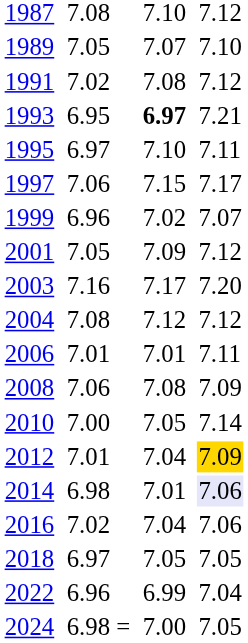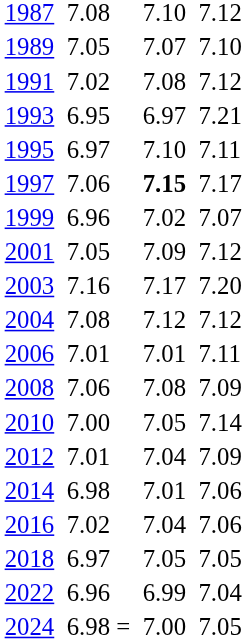 <table>
 <tr valign="top">
 <td><a href='#'>1987</a><br></td>
 <td></td>
 <td>7.08</td>
 <td></td>
 <td>7.10</td>
 <td></td>
 <td>7.12 </td>
 </tr>
 <tr valign="top">
 <td><a href='#'>1989</a><br></td>
 <td></td>
 <td>7.05 </td>
 <td></td>
 <td>7.07 </td>
 <td></td>
 <td>7.10 </td>
 </tr>
 <tr valign="top">
 <td><a href='#'>1991</a><br></td>
 <td></td>
 <td>7.02 </td>
 <td></td>
 <td>7.08</td>
 <td></td>
 <td>7.12 </td>
 </tr>
 <tr valign="top">
 <td><a href='#'>1993</a><br></td>
 <td></td>
 <td>6.95 </td>
 <td></td>
-<td><strong>6.97</strong></td>
+<td>6.97</td>
 <td></td>
 <td>7.21</td>
 </tr>
 <tr valign="top">
 <td><a href='#'>1995</a><br></td>
 <td></td>
 <td>6.97</td>
 <td></td>
 <td>7.10 </td>
 <td></td>
 <td>7.11</td>
 </tr>
 <tr valign="top">
 <td><a href='#'>1997</a><br></td>
 <td></td>
 <td>7.06</td>
 <td></td>
-<td>7.15</td>
+<td><strong>7.15</strong></td>
 <td></td>
 <td>7.17</td>
 </tr>
 <tr valign="top">
 <td><a href='#'>1999</a><br></td>
 <td></td>
 <td>6.96 </td>
 <td></td>
 <td>7.02</td>
 <td></td>
 <td>7.07</td>
 </tr>
 <tr valign="top">
 <td><a href='#'>2001</a><br></td>
 <td></td>
 <td>7.05 </td>
 <td></td>
 <td>7.09 </td>
 <td></td>
 <td>7.12 </td>
 </tr>
 <tr valign="top">
 <td><a href='#'>2003</a><br></td>
 <td></td>
 <td>7.16 </td>
 <td></td>
 <td>7.17 </td>
 <td></td>
 <td>7.20</td>
 </tr>
 <tr valign="top">
 <td><a href='#'>2004</a><br></td>
 <td></td>
 <td>7.08 </td>
 <td></td>
 <td>7.12 </td>
 <td></td>
 <td>7.12</td>
 </tr>
 <tr valign="top">
 <td><a href='#'>2006</a><br></td>
 <td></td>
 <td>7.01 </td>
 <td></td>
 <td>7.01 </td>
 <td></td>
 <td>7.11 </td>
 </tr>
 <tr valign="top">
 <td><a href='#'>2008</a><br></td>
 <td></td>
 <td>7.06 </td>
 <td></td>
 <td>7.08 </td>
 <td></td>
 <td>7.09 </td>
 </tr>
 <tr valign="top">
 <td><a href='#'>2010</a><br></td>
 <td></td>
 <td>7.00 </td>
 <td></td>
 <td>7.05</td>
 <td></td>
 <td>7.14</td>
 </tr>
 <tr valign="top">
 <td><a href='#'>2012</a><br></td>
 <td></td>
 <td>7.01 </td>
 <td></td>
 <td>7.04 </td>
 <td></td>
-<td style="background: gold;">7.09</td>
+<td>7.09</td>
 </tr>
 <tr valign="top">
 <td><a href='#'>2014</a><br></td>
 <td></td>
 <td>6.98 </td>
 <td></td>
 <td>7.01 </td>
 <td></td>
-<td style="background: lavender;">7.06 </td>
+<td>7.06 </td>
 </tr>
 <tr valign="top">
 <td><a href='#'>2016</a><br></td>
 <td></td>
 <td>7.02</td>
 <td></td>
 <td>7.04</td>
 <td></td>
 <td>7.06</td>
 </tr>
 <tr valign="top">
 <td><a href='#'>2018</a><br></td>
 <td></td>
 <td>6.97 </td>
 <td></td>
 <td>7.05 </td>
 <td></td>
 <td>7.05</td>
 </tr>
 <tr valign="top">
 <td><a href='#'>2022</a><br></td>
 <td></td>
 <td>6.96 </td>
 <td></td>
 <td>6.99 </td>
 <td></td>
 <td>7.04 </td>
 </tr>
 <tr valign="top">
 <td><a href='#'>2024</a><br></td>
 <td></td>
 <td>6.98 =</td>
 <td></td>
 <td>7.00</td>
 <td></td>
 <td>7.05</td>
 </tr>
 </table>
